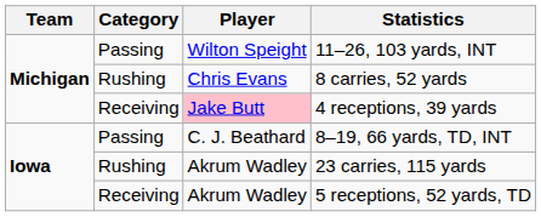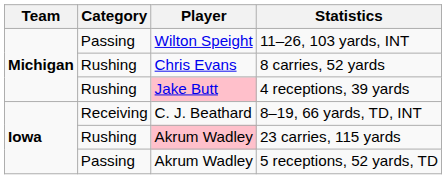 <table class="wikitable" style="float: left;">
 <tr>
 <th>Team</th>
 <th>Category</th>
 <th>Player</th>
 <th>Statistics</th>
 </tr>
 <tr>
 <td rowspan=3><strong>Michigan</strong></td>
 <td>Passing</td>
 <td><a href='#'>Wilton Speight</a></td>
 <td>11–26, 103 yards, INT</td>
 </tr>
 <tr>
 <td>Rushing</td>
 <td><a href='#'>Chris Evans</a></td>
 <td>8 carries, 52 yards</td>
 </tr>
 <tr>
-<td>Receiving</td>
+<td>Rushing</td>
 <td style="background: pink;"><a href='#'>Jake Butt</a></td>
 <td>4 receptions, 39 yards</td>
 </tr>
 <tr>
 <td rowspan=3><strong>Iowa</strong></td>
-<td>Passing</td>
+<td>Receiving</td>
 <td>C. J. Beathard</td>
 <td>8–19, 66 yards, TD, INT</td>
 </tr>
 <tr>
 <td>Rushing</td>
-<td>Akrum Wadley</td>
+<td style="background: pink;">Akrum Wadley</td>
 <td>23 carries, 115 yards</td>
 </tr>
 <tr>
-<td>Receiving</td>
+<td>Passing</td>
 <td>Akrum Wadley</td>
 <td>5 receptions, 52 yards, TD</td>
 </tr>
 </table>
